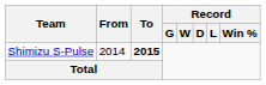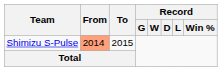 <table class="wikitable" style="text-align: center">
 <tr>
 <th rowspan="2">Team</th>
 <th rowspan="2">From</th>
 <th rowspan="2">To</th>
 <th colspan="5">Record</th>
 </tr>
 <tr>
 <th>G</th>
 <th>W</th>
 <th>D</th>
 <th>L</th>
 <th>Win %</th>
 </tr>
 <tr>
 <td align="left"><a href='#'>Shimizu S-Pulse</a></td>
-<td align="left">2014</td>
-<td align="left"><strong>2015<br></strong></td>
+<td align="left" style="background: lightsalmon;">2014</td>
+<td align="left">2015<br></td>
 </tr>
 <tr>
 <th colspan="3">Total<br></th>
 </tr>
 </table>
